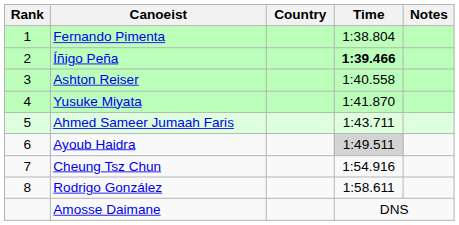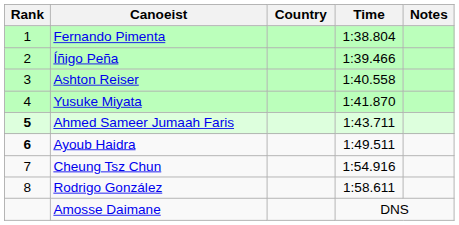 <table class="wikitable" style="text-align:center;width: 60%">
 <tr>
 <th>Rank</th>
 <th>Canoeist</th>
 <th>Country</th>
 <th>Time</th>
 <th>Notes</th>
 </tr>
 <tr bgcolor=bbffbb>
 <td>1</td>
 <td align="left"><a href='#'>Fernando Pimenta</a></td>
 <td align="left"></td>
 <td>1:38.804</td>
 <td></td>
 </tr>
 <tr bgcolor=bbffbb>
 <td>2</td>
 <td align="left"><a href='#'>Íñigo Peña</a></td>
 <td align="left"></td>
-<td><strong>1:39.466</strong></td>
+<td>1:39.466</td>
 <td></td>
 </tr>
 <tr bgcolor=bbffbb>
 <td>3</td>
 <td align="left"><a href='#'>Ashton Reiser</a></td>
 <td align="left"></td>
 <td>1:40.558</td>
 <td></td>
 </tr>
 <tr bgcolor=bbffbb>
 <td>4</td>
 <td align="left"><a href='#'>Yusuke Miyata</a></td>
 <td align="left"></td>
 <td>1:41.870</td>
 <td></td>
 </tr>
 <tr bgcolor=ddffdd>
-<td>5</td>
+<td><strong>5</strong></td>
 <td align="left"><a href='#'>Ahmed Sameer Jumaah Faris</a></td>
 <td align="left"></td>
 <td>1:43.711</td>
 <td></td>
 </tr>
 <tr>
-<td>6</td>
+<td><strong>6</strong></td>
 <td align="left"><a href='#'>Ayoub Haidra</a></td>
 <td align="left"></td>
-<td style="background: lightgrey;">1:49.511</td>
+<td>1:49.511</td>
 <td></td>
 </tr>
 <tr>
 <td>7</td>
 <td align="left"><a href='#'>Cheung Tsz Chun</a></td>
 <td align="left"></td>
 <td>1:54.916</td>
 </tr>
 <tr>
 <td>8</td>
 <td align="left"><a href='#'>Rodrigo González</a></td>
 <td align="left"></td>
 <td>1:58.611</td>
 <td></td>
 </tr>
 <tr>
 <td></td>
 <td align="left"><a href='#'>Amosse Daimane</a></td>
 <td align="left"></td>
 <td colspan=2>DNS</td>
 </tr>
 </table>
